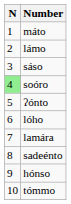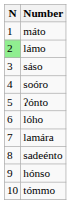 <table class="wikitable">
 <tr>
 <th>N</th>
 <th>Number</th>
 </tr>
 <tr>
 <td>1</td>
 <td>máto</td>
 </tr>
 <tr>
-<td>2</td>
+<td style="background: lightgreen;">2</td>
 <td>lámo</td>
 </tr>
 <tr>
 <td>3</td>
 <td>sáso</td>
 </tr>
 <tr>
-<td style="background: lightgreen;">4</td>
+<td>4</td>
 <td>soóro</td>
 </tr>
 <tr>
 <td>5</td>
 <td>ʔónto</td>
 </tr>
 <tr>
 <td>6</td>
 <td>lóho</td>
 </tr>
 <tr>
 <td>7</td>
 <td>lamára</td>
 </tr>
 <tr>
 <td>8</td>
 <td>sadeénto</td>
 </tr>
 <tr>
 <td>9</td>
 <td>hónso</td>
 </tr>
 <tr>
 <td>10</td>
 <td>tómmo</td>
 </tr>
 </table>
